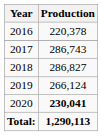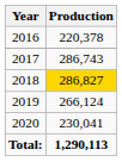 <table class="wikitable sortable" style="text-align: center;">
 <tr>
 <th>Year</th>
 <th>Production</th>
 </tr>
 <tr>
 <td>2016</td>
 <td>220,378</td>
 </tr>
 <tr>
 </tr>
 <tr>
 <td>2017</td>
 <td>286,743</td>
 </tr>
 <tr>
 <td>2018</td>
-<td>286,827</td>
+<td style="background: gold;">286,827</td>
 </tr>
 <tr>
 <td>2019</td>
 <td>266,124</td>
 </tr>
 <tr>
 <td>2020</td>
-<td><strong>230,041</strong></td>
+<td>230,041</td>
 </tr>
 <tr>
 <td><strong>Total:</strong></td>
 <td><strong>1,290,113</strong></td>
 </tr>
 </table>
